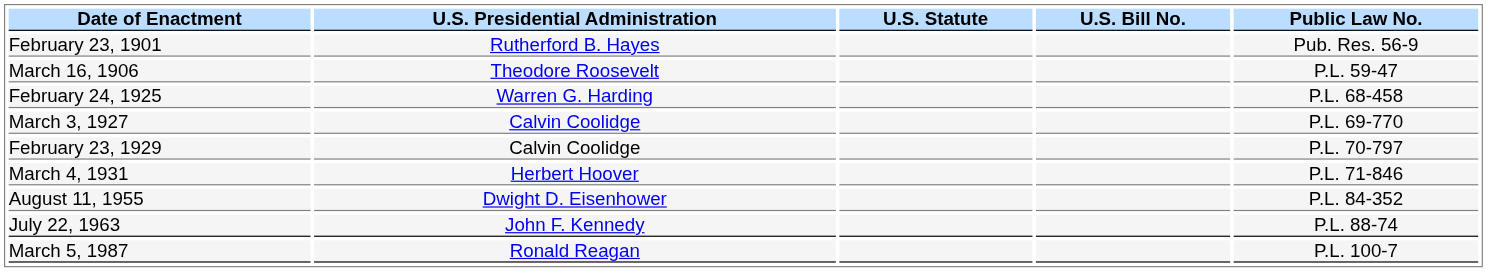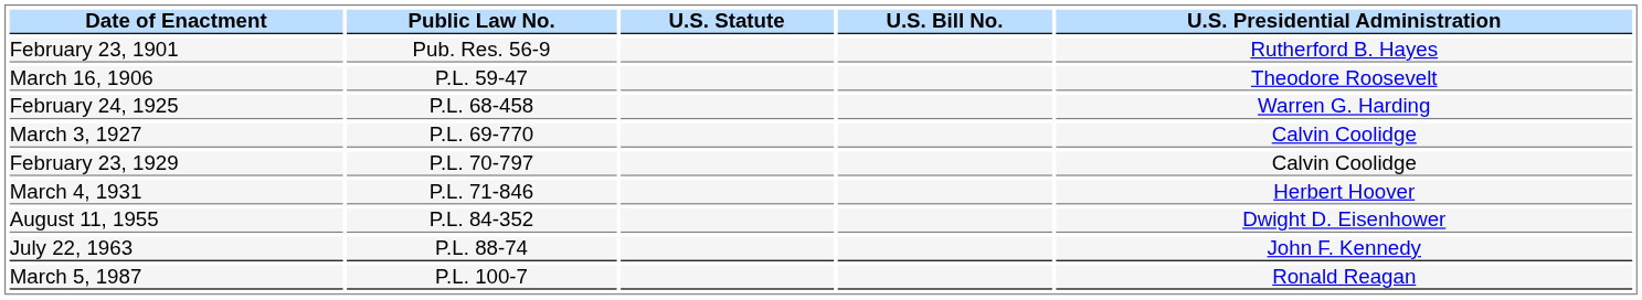 <table style="border:1px solid gray; align:left; width:100%" cellspacing=3 cellpadding=0>
 <tr style="font-weight:bold; text-align:center; background:#bbddff; color:black;">
 <th style=" border-bottom:1.5px solid black">Date of Enactment</th>
-<th style=" border-bottom:1.5px solid black">U.S. Presidential Administration</th>
+<th style=" border-bottom:1.5px solid black">Public Law No.</th>
 <th style=" border-bottom:1.5px solid black">U.S. Statute</th>
 <th style=" border-bottom:1.5px solid black">U.S. Bill No.</th>
-<th style=" border-bottom:1.5px solid black">Public Law No.</th>
+<th style=" border-bottom:1.5px solid black">U.S. Presidential Administration</th>
 </tr>
 <tr>
 <td style="border-bottom:1px solid gray; background:#F5F5F5;">February 23, 1901</td>
-<td style="border-bottom:1px solid gray; background:#F5F5F5; text-align:center;"><a href='#'>Rutherford B. Hayes</a></td>
+<td style="border-bottom:1px solid gray; background:#F5F5F5; text-align:center;">Pub. Res. 56-9</td>
 <td style="border-bottom:1px solid gray; background:#F5F5F5; text-align:center;"></td>
 <td style="border-bottom:1px solid gray; background:#F5F5F5; text-align:center;"> </td>
-<td style="border-bottom:1px solid gray; background:#F5F5F5; text-align:center;">Pub. Res. 56-9</td>
+<td style="border-bottom:1px solid gray; background:#F5F5F5; text-align:center;"><a href='#'>Rutherford B. Hayes</a></td>
 </tr>
 <tr>
 <td style="border-bottom:1px solid gray; background:#F5F5F5;">March 16, 1906</td>
-<td style="border-bottom:1px solid gray; background:#F5F5F5; text-align:center;"><a href='#'>Theodore Roosevelt</a></td>
+<td style="border-bottom:1px solid gray; background:#F5F5F5; text-align:center;">P.L. 59-47</td>
 <td style="border-bottom:1px solid gray; background:#F5F5F5; text-align:center;"></td>
 <td style="border-bottom:1px solid gray; background:#F5F5F5; text-align:center;"></td>
-<td style="border-bottom:1px solid gray; background:#F5F5F5; text-align:center;">P.L. 59-47</td>
+<td style="border-bottom:1px solid gray; background:#F5F5F5; text-align:center;"><a href='#'>Theodore Roosevelt</a></td>
 </tr>
 <tr>
 <td style="border-bottom:1px solid gray; background:#F5F5F5;">February 24, 1925</td>
-<td style="border-bottom:1px solid gray; background:#F5F5F5; text-align:center;"><a href='#'>Warren G. Harding</a></td>
+<td style="border-bottom:1px solid gray; background:#F5F5F5; text-align:center;">P.L. 68-458</td>
 <td style="border-bottom:1px solid gray; background:#F5F5F5; text-align:center;"></td>
 <td style="border-bottom:1px solid gray; background:#F5F5F5; text-align:center;"></td>
-<td style="border-bottom:1px solid gray; background:#F5F5F5; text-align:center;">P.L. 68-458</td>
+<td style="border-bottom:1px solid gray; background:#F5F5F5; text-align:center;"><a href='#'>Warren G. Harding</a></td>
 </tr>
 <tr>
 <td style="border-bottom:1px solid gray; background:#F5F5F5;">March 3, 1927</td>
-<td style="border-bottom:1px solid gray; background:#F5F5F5; text-align:center;"><a href='#'>Calvin Coolidge</a></td>
+<td style="border-bottom:1px solid gray; background:#F5F5F5; text-align:center;">P.L. 69-770</td>
 <td style="border-bottom:1px solid gray; background:#F5F5F5; text-align:center;"></td>
 <td style="border-bottom:1px solid gray; background:#F5F5F5; text-align:center;"></td>
-<td style="border-bottom:1px solid gray; background:#F5F5F5; text-align:center;">P.L. 69-770</td>
+<td style="border-bottom:1px solid gray; background:#F5F5F5; text-align:center;"><a href='#'>Calvin Coolidge</a></td>
 </tr>
 <tr>
 <td style="border-bottom:1px solid gray; background:#F5F5F5;">February 23, 1929</td>
-<td style="border-bottom:1px solid gray; background:#F5F5F5; text-align:center;">Calvin Coolidge</td>
+<td style="border-bottom:1px solid gray; background:#F5F5F5; text-align:center;">P.L. 70-797</td>
 <td style="border-bottom:1px solid gray; background:#F5F5F5; text-align:center;"></td>
 <td style="border-bottom:1px solid gray; background:#F5F5F5; text-align:center;"></td>
-<td style="border-bottom:1px solid gray; background:#F5F5F5; text-align:center;">P.L. 70-797</td>
+<td style="border-bottom:1px solid gray; background:#F5F5F5; text-align:center;">Calvin Coolidge</td>
 </tr>
 <tr>
 <td style="border-bottom:1px solid gray; background:#F5F5F5;">March 4, 1931</td>
-<td style="border-bottom:1px solid gray; background:#F5F5F5; text-align:center;"><a href='#'>Herbert Hoover</a></td>
+<td style="border-bottom:1px solid gray; background:#F5F5F5; text-align:center;">P.L. 71-846</td>
 <td style="border-bottom:1px solid gray; background:#F5F5F5; text-align:center;"></td>
 <td style="border-bottom:1px solid gray; background:#F5F5F5; text-align:center;"></td>
-<td style="border-bottom:1px solid gray; background:#F5F5F5; text-align:center;">P.L. 71-846</td>
+<td style="border-bottom:1px solid gray; background:#F5F5F5; text-align:center;"><a href='#'>Herbert Hoover</a></td>
 </tr>
 <tr>
 <td style="border-bottom:1px solid gray; background:#F5F5F5;">August 11, 1955</td>
-<td style="border-bottom:1px solid gray; background:#F5F5F5; text-align:center;"><a href='#'>Dwight D. Eisenhower</a></td>
+<td style="border-bottom:1px solid gray; background:#F5F5F5; text-align:center;">P.L. 84-352</td>
 <td style="border-bottom:1px solid gray; background:#F5F5F5; text-align:center;"></td>
 <td style="border-bottom:1px solid gray; background:#F5F5F5; text-align:center;"></td>
-<td style="border-bottom:1px solid gray; background:#F5F5F5; text-align:center;">P.L. 84-352</td>
+<td style="border-bottom:1px solid gray; background:#F5F5F5; text-align:center;"><a href='#'>Dwight D. Eisenhower</a></td>
 </tr>
 <tr>
 <td style="border-bottom:1.5px solid black; background:#F5F5F5;">July 22, 1963</td>
-<td style="border-bottom:1.5px solid black; background:#F5F5F5; text-align:center;"><a href='#'>John F. Kennedy</a></td>
+<td style="border-bottom:1.5px solid black; background:#F5F5F5; text-align:center;">P.L. 88-74</td>
 <td style="border-bottom:1.5px solid black; background:#F5F5F5; text-align:center;"></td>
 <td style="border-bottom:1.5px solid black; background:#F5F5F5; text-align:center;"></td>
-<td style="border-bottom:1.5px solid black; background:#F5F5F5; text-align:center;">P.L. 88-74</td>
+<td style="border-bottom:1.5px solid black; background:#F5F5F5; text-align:center;"><a href='#'>John F. Kennedy</a></td>
 </tr>
 <tr>
 <td style="border-bottom:1.5px solid black; background:#F5F5F5;">March 5, 1987</td>
-<td style="border-bottom:1.5px solid black; background:#F5F5F5; text-align:center;"><a href='#'>Ronald Reagan</a></td>
+<td style="border-bottom:1.5px solid black; background:#F5F5F5; text-align:center;">P.L. 100-7</td>
 <td style="border-bottom:1.5px solid black; background:#F5F5F5; text-align:center;"></td>
 <td style="border-bottom:1.5px solid black; background:#F5F5F5; text-align:center;"></td>
-<td style="border-bottom:1.5px solid black; background:#F5F5F5; text-align:center;">P.L. 100-7</td>
+<td style="border-bottom:1.5px solid black; background:#F5F5F5; text-align:center;"><a href='#'>Ronald Reagan</a></td>
 </tr>
 </table>
